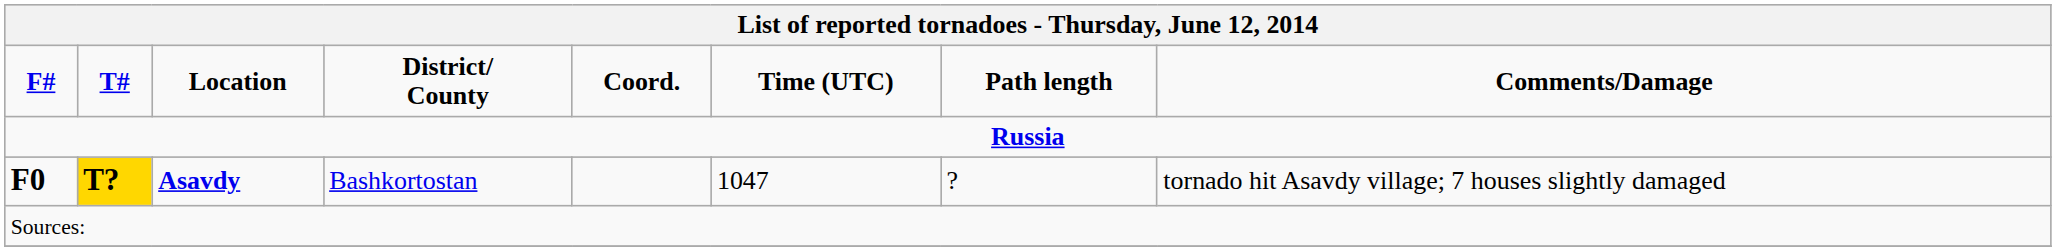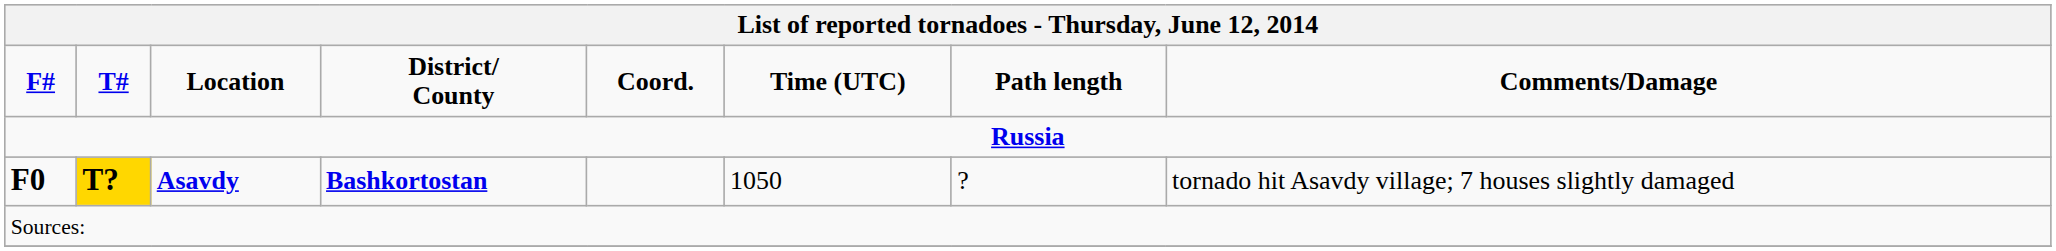 <table class="wikitable collapsible" width="100%">
 <tr>
 <th colspan="8">List of reported tornadoes - Thursday, June 12, 2014</th>
 </tr>
 <tr>
 <td style="text-align: center;"><strong><a href='#'>F#</a></strong></td>
 <td style="text-align: center;"><strong><a href='#'>T#</a></strong></td>
 <td style="text-align: center;"><strong>Location</strong></td>
 <td style="text-align: center;"><strong>District/<br>County</strong></td>
 <td style="text-align: center;"><strong>Coord.</strong></td>
 <td style="text-align: center;"><strong>Time (UTC)</strong></td>
 <td style="text-align: center;"><strong>Path length</strong></td>
 <td style="text-align: center;"><strong>Comments/Damage</strong></td>
 </tr>
 <tr>
 <td colspan="8" align=center><strong><a href='#'>Russia</a></strong></td>
 </tr>
 <tr>
 <td><big><strong>F0</strong></big></td>
 <td style="background: gold;"><big><strong>T?</strong></big></td>
 <td><strong><a href='#'>Asavdy</a></strong></td>
-<td><a href='#'>Bashkortostan</a></td>
+<td><strong><a href='#'>Bashkortostan</a></strong></td>
 <td></td>
-<td>1047</td>
+<td>1050</td>
 <td>?</td>
 <td>tornado hit Asavdy village; 7 houses slightly damaged</td>
 </tr>
 <tr>
 <td colspan="8"><small>Sources:</small></td>
 </tr>
 <tr>
 </tr>
 </table>
